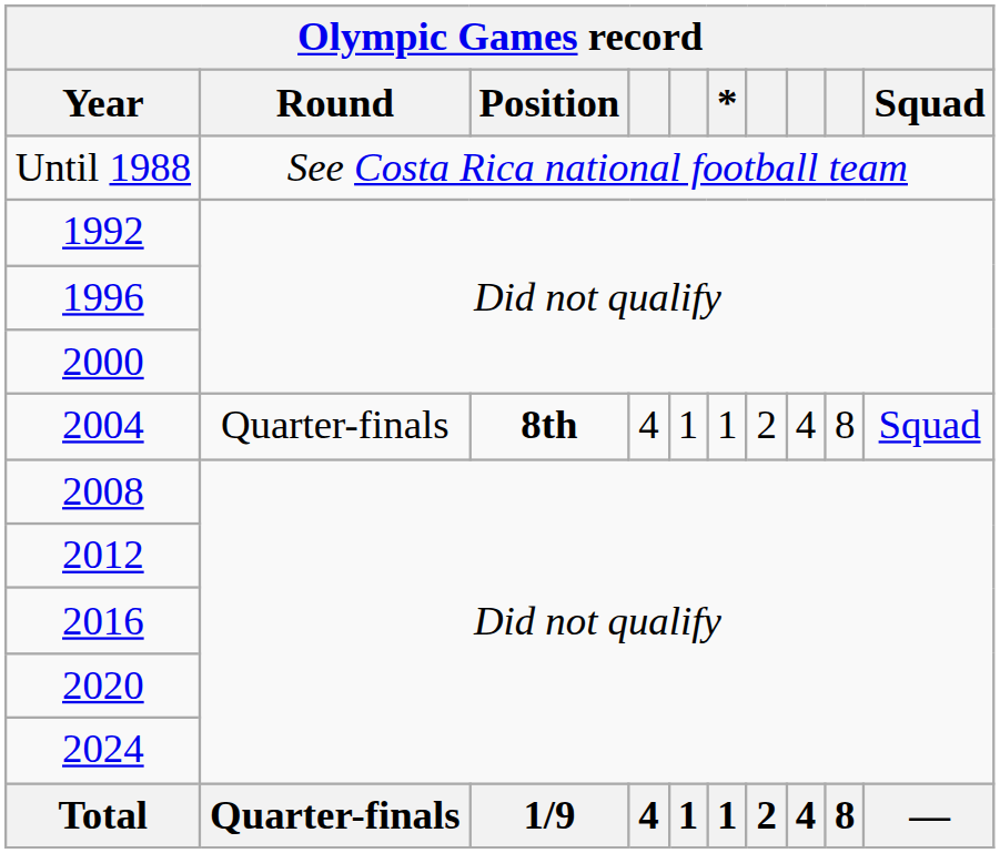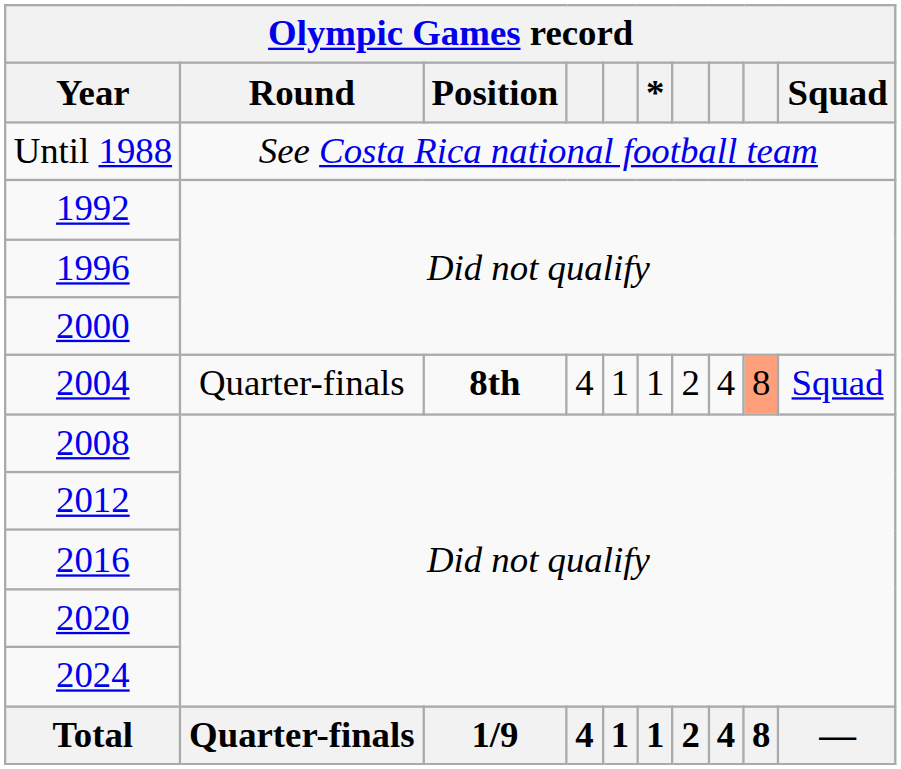 <table class="wikitable" style="text-align: center;">
 <tr>
 <th colspan=10><a href='#'>Olympic Games</a> record</th>
 </tr>
 <tr>
 <th>Year</th>
 <th>Round</th>
 <th>Position</th>
 <th></th>
 <th></th>
 <th>*</th>
 <th></th>
 <th></th>
 <th></th>
 <th>Squad</th>
 </tr>
 <tr>
 <td>Until <a href='#'>1988</a></td>
 <td colspan=9><em>See <a href='#'>Costa Rica national football team</a></em></td>
 </tr>
 <tr>
 <td> <a href='#'>1992</a></td>
 <td colspan=9 rowspan=3><em>Did not qualify</em></td>
 </tr>
 <tr>
 <td> <a href='#'>1996</a></td>
 </tr>
 <tr>
 <td> <a href='#'>2000</a></td>
 </tr>
 <tr>
 <td> <a href='#'>2004</a></td>
 <td>Quarter-finals</td>
 <td><strong>8th</strong></td>
 <td>4</td>
 <td>1</td>
 <td>1</td>
 <td>2</td>
 <td>4</td>
-<td>8</td>
+<td style="background: lightsalmon;">8</td>
 <td><a href='#'>Squad</a></td>
 </tr>
 <tr>
 <td> <a href='#'>2008</a></td>
 <td colspan=9 rowspan=5><em>Did not qualify</em></td>
 </tr>
 <tr>
 <td> <a href='#'>2012</a></td>
 </tr>
 <tr>
 <td> <a href='#'>2016</a></td>
 </tr>
 <tr>
 <td> <a href='#'>2020</a></td>
 </tr>
 <tr>
 <td> <a href='#'>2024</a></td>
 </tr>
 <tr>
 <th>Total</th>
 <th>Quarter-finals</th>
 <th>1/9</th>
 <th>4</th>
 <th>1</th>
 <th>1</th>
 <th>2</th>
 <th>4</th>
 <th>8</th>
 <th>—</th>
 </tr>
 </table>
